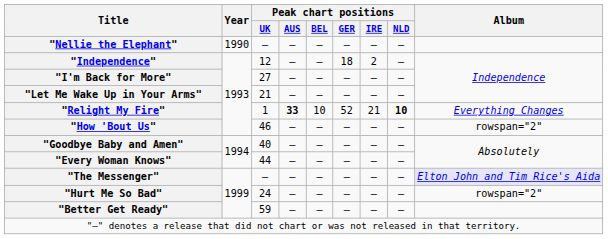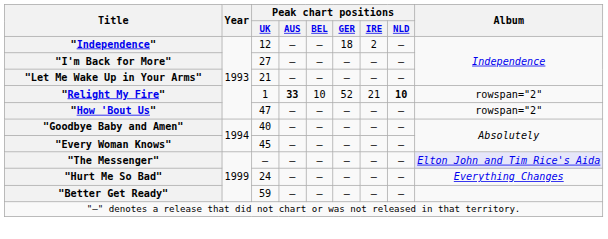 <table class="wikitable plainrowheaders" style="text-align:center;">
 <tr>
 <th scope="col" rowspan="2" style="width:21em;">Title</th>
 <th scope="col" rowspan="2">Year</th>
 <th scope="col" colspan="6">Peak chart positions</th>
 <th scope="col" rowspan="2">Album</th>
 </tr>
 <tr>
 <th style="width:2.5em;font-size:90%"><a href='#'>UK</a><br></th>
 <th style="width:2.5em;font-size:90%"><a href='#'>AUS</a><br></th>
 <th style="width:2.5em;font-size:90%"><a href='#'>BEL</a></th>
 <th style="width:2.5em;font-size:90%"><a href='#'>GER</a></th>
 <th style="width:2.5em;font-size:90%"><a href='#'>IRE</a></th>
 <th style="width:2.5em;font-size:90%"><a href='#'>NLD</a></th>
-</tr>
-<tr>
-<th scope="row">"<a href='#'>Nellie the Elephant</a>"</th>
-<td>1990</td>
-<td>—</td>
-<td>—</td>
-<td>—</td>
-<td>—</td>
-<td>—</td>
-<td>—</td>
-<td></td>
 </tr>
 <tr>
 <th scope="row">"<a href='#'>Independence</a>"</th>
 <td rowspan="5">1993</td>
 <td>12</td>
 <td>—</td>
 <td>—</td>
 <td>18</td>
 <td>2</td>
 <td>—</td>
 <td rowspan="3"><em><a href='#'>Independence</a></em></td>
 </tr>
 <tr>
 <th scope="row">"I'm Back for More"<br></th>
 <td>27</td>
 <td>—</td>
 <td>—</td>
 <td>—</td>
 <td>—</td>
 <td>—</td>
 </tr>
 <tr>
 <th scope="row">"Let Me Wake Up in Your Arms"</th>
 <td>21</td>
 <td>—</td>
 <td>—</td>
 <td>—</td>
 <td>—</td>
 <td>—</td>
 </tr>
 <tr>
 <th scope="row">"<a href='#'>Relight My Fire</a>"<br></th>
 <td>1</td>
 <td><strong>33</strong></td>
 <td>10</td>
 <td>52</td>
 <td>21</td>
 <td><strong>10</strong></td>
-<td><em><a href='#'>Everything Changes</a></em></td>
+<td>rowspan="2" </td>
 </tr>
 <tr>
 <th scope="row">"<a href='#'>How 'Bout Us</a>"</th>
-<td>46</td>
+<td>47</td>
 <td>—</td>
 <td>—</td>
 <td>—</td>
 <td>—</td>
 <td>—</td>
 <td>rowspan="2" </td>
 </tr>
 <tr>
 <th scope="row">"Goodbye Baby and Amen"</th>
 <td rowspan="2">1994</td>
 <td>40</td>
 <td>—</td>
 <td>—</td>
 <td>—</td>
 <td>—</td>
 <td>—</td>
 <td rowspan="2"><em>Absolutely</em></td>
 </tr>
 <tr>
 <th scope="row">"Every Woman Knows"</th>
-<td>44</td>
+<td>45</td>
 <td>—</td>
 <td>—</td>
 <td>—</td>
 <td>—</td>
 <td>—</td>
 </tr>
 <tr>
 <th scope="row">"The Messenger"<br></th>
 <td rowspan="3">1999</td>
 <td>—</td>
 <td>—</td>
 <td>—</td>
 <td>—</td>
 <td>—</td>
 <td>—</td>
 <td style="background: lavender;"><em><a href='#'>Elton John and Tim Rice's Aida</a></em></td>
 </tr>
 <tr>
 <th scope="row">"Hurt Me So Bad"</th>
 <td>24</td>
 <td>—</td>
 <td>—</td>
 <td>—</td>
 <td>—</td>
 <td>—</td>
-<td>rowspan="2" </td>
+<td><em><a href='#'>Everything Changes</a></em></td>
 </tr>
 <tr>
 <th scope="row">"Better Get Ready"</th>
 <td>59</td>
 <td>—</td>
 <td>—</td>
 <td>—</td>
 <td>—</td>
 <td>—</td>
 </tr>
 <tr>
 <td colspan="9" style="font-size:90%">"—" denotes a release that did not chart or was not released in that territory.</td>
 </tr>
 </table>
